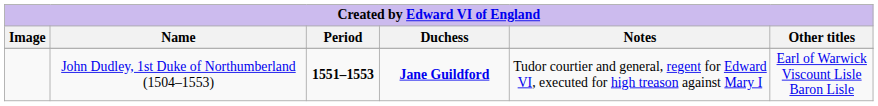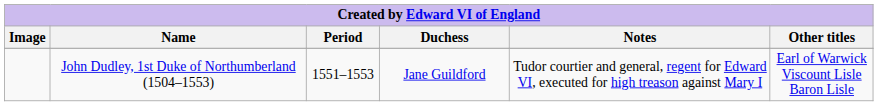 <table style="text-align:center; width:80%" class="wikitable">
 <tr>
 <th colspan="6" style="background-color: #cbe">Created by <a href='#'>Edward VI of England</a></th>
 </tr>
 <tr>
 <th style="width:10%%">Image</th>
 <th>Name</th>
 <th>Period</th>
 <th style="width:15%">Duchess</th>
 <th style="width:30%">Notes</th>
 <th>Other titles</th>
 </tr>
 <tr bgcolor="#dddddd" |>
 </tr>
 <tr>
 <td></td>
 <td><a href='#'>John Dudley, 1st Duke of Northumberland</a><br>(1504–1553)</td>
-<td><strong>1551–1553</strong></td>
-<td><strong><a href='#'>Jane Guildford</a></strong></td>
+<td>1551–1553</td>
+<td><a href='#'>Jane Guildford</a></td>
 <td>Tudor courtier and general, <a href='#'>regent</a> for <a href='#'>Edward VI</a>, executed for <a href='#'>high treason</a> against <a href='#'>Mary I</a></td>
 <td><a href='#'>Earl of Warwick</a><br><a href='#'>Viscount Lisle</a><br><a href='#'>Baron Lisle</a></td>
 </tr>
 </table>
